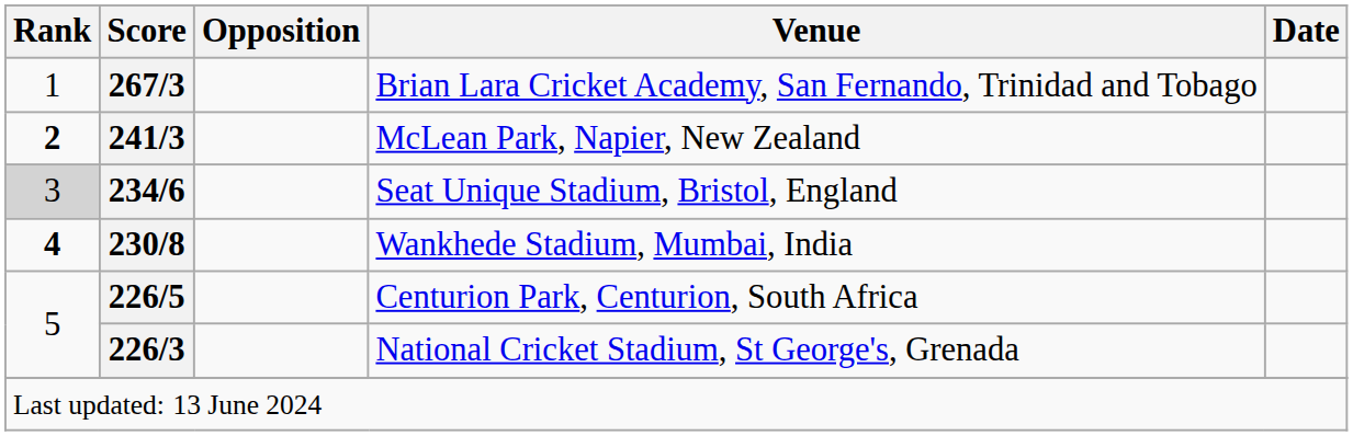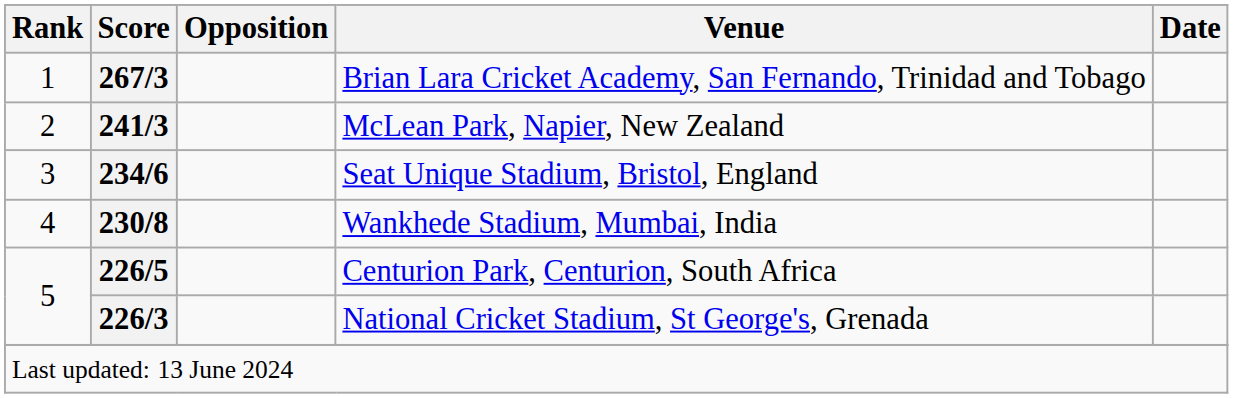 <table class="wikitable plainrowheaders">
 <tr>
 <th scope=col>Rank</th>
 <th scope=col>Score</th>
 <th scope=col>Opposition</th>
 <th scope=col>Venue</th>
 <th scope=col>Date</th>
 </tr>
 <tr>
 <td align=center>1</td>
 <th scope=row style=text-align:center;>267/3</th>
 <td></td>
 <td><a href='#'>Brian Lara Cricket Academy</a>, <a href='#'>San Fernando</a>, Trinidad and Tobago</td>
 <td></td>
 </tr>
 <tr>
-<td align=center><strong>2</strong></td>
+<td align=center>2</td>
 <th scope=row style=text-align:center;>241/3</th>
 <td></td>
 <td><a href='#'>McLean Park</a>, <a href='#'>Napier</a>, New Zealand</td>
 <td></td>
 </tr>
 <tr>
-<td align=center style="background: lightgrey;">3</td>
+<td align=center>3</td>
 <th scope=row style=text-align:center;>234/6</th>
 <td></td>
 <td><a href='#'>Seat Unique Stadium</a>, <a href='#'>Bristol</a>, England</td>
 <td></td>
 </tr>
 <tr>
-<td align=center><strong>4</strong></td>
+<td align=center>4</td>
 <th scope=row style=text-align:center;>230/8</th>
 <td></td>
 <td><a href='#'>Wankhede Stadium</a>, <a href='#'>Mumbai</a>, India</td>
 <td> </td>
 </tr>
 <tr>
 <td align=center rowspan=2>5</td>
 <th scope=row style=text-align:center;>226/5</th>
 <td></td>
 <td><a href='#'>Centurion Park</a>, <a href='#'>Centurion</a>, South Africa</td>
 <td></td>
 </tr>
 <tr>
 <th scope=row style=text-align:center;>226/3</th>
 <td></td>
 <td><a href='#'>National Cricket Stadium</a>, <a href='#'>St George's</a>, Grenada</td>
 <td></td>
 </tr>
 <tr>
 </tr>
 <tr class=sortbottom>
 <td colspan=5><small>Last updated:</small> <small>13 June 2024</small></td>
 </tr>
 </table>
